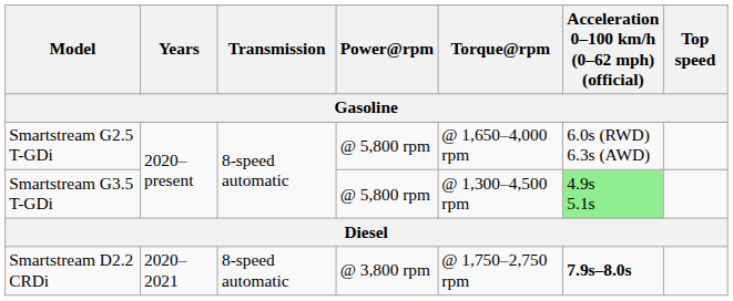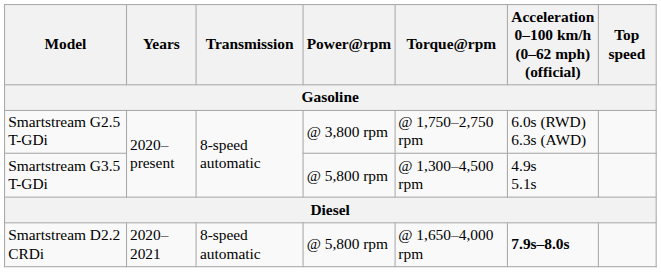 <table class="wikitable sortable collapsible" style="text-align:left; font-size:90%;">
 <tr>
 <th>Model</th>
 <th>Years</th>
 <th>Transmission</th>
 <th>Power@rpm</th>
 <th>Torque@rpm</th>
 <th>Acceleration<br>0–100 km/h<br>(0–62 mph)<br>(official)</th>
 <th>Top speed</th>
 </tr>
 <tr>
 <th colspan=7>Gasoline</th>
 </tr>
 <tr>
 <td>Smartstream G2.5 T-GDi</td>
 <td rowspan="2">2020–present</td>
 <td rowspan=2>8-speed automatic</td>
-<td> @ 5,800 rpm</td>
-<td> @ 1,650–4,000 rpm</td>
+<td> @ 3,800 rpm</td>
+<td> @ 1,750–2,750 rpm</td>
 <td>6.0s (RWD)<br>6.3s (AWD)</td>
 <td><br></td>
 </tr>
 <tr>
 <td>Smartstream G3.5 T-GDi</td>
 <td> @ 5,800 rpm</td>
 <td> @ 1,300–4,500 rpm</td>
-<td style="background: lightgreen;">4.9s<br>5.1s</td>
+<td>4.9s<br>5.1s</td>
 <td></td>
 </tr>
 <tr>
 <th colspan=7>Diesel</th>
 </tr>
 <tr>
 <td>Smartstream D2.2 CRDi</td>
 <td>2020–2021</td>
 <td>8-speed automatic</td>
-<td> @ 3,800 rpm</td>
-<td> @ 1,750–2,750 rpm</td>
+<td> @ 5,800 rpm</td>
+<td> @ 1,650–4,000 rpm</td>
 <td><strong>7.9s–8.0s</strong></td>
 <td></td>
 </tr>
 </table>
